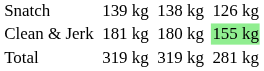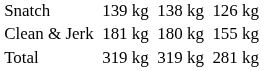 <table>
 <tr>
 <td>Snatch</td>
 <td></td>
 <td>139 kg</td>
 <td></td>
 <td>138 kg</td>
 <td></td>
 <td>126 kg</td>
 </tr>
 <tr>
 <td>Clean & Jerk</td>
 <td></td>
 <td>181 kg</td>
 <td></td>
 <td>180 kg</td>
 <td></td>
-<td style="background: lightgreen;">155 kg</td>
+<td>155 kg</td>
 </tr>
 <tr>
 <td>Total</td>
 <td></td>
 <td>319 kg</td>
 <td></td>
 <td>319 kg</td>
 <td></td>
 <td>281 kg</td>
 </tr>
 </table>
